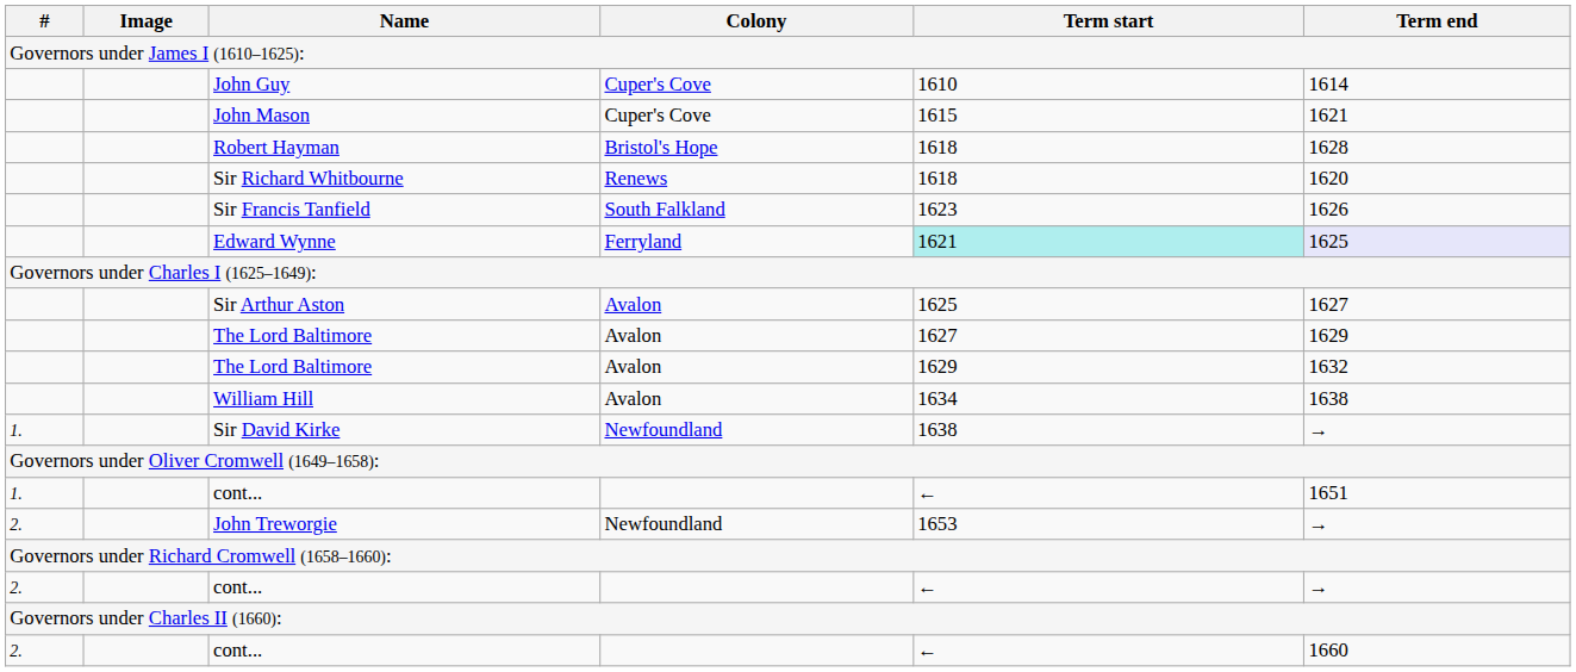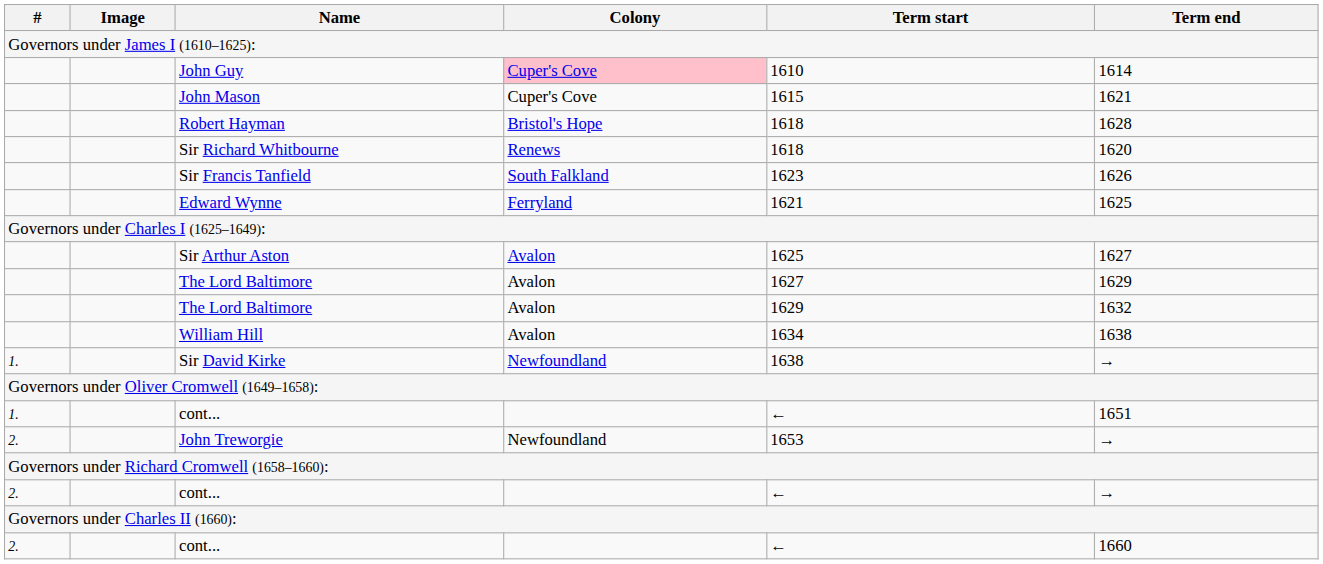 <table class="wikitable" style="width:100%">
 <tr>
 <th width="5%">#</th>
 <th width="8%">Image</th>
 <th width="25%">Name</th>
 <th width="20%">Colony</th>
 <th width="25%">Term start</th>
 <th width="25%">Term end</th>
 </tr>
 <tr bgcolor="#F5F5F5">
 <td colspan="6" align="left"><span>Governors under <a href='#'>James I</a> <small>(1610–1625)</small>:</span></td>
 </tr>
 <tr>
 <td></td>
 <td></td>
 <td><a href='#'>John Guy</a></td>
-<td><a href='#'>Cuper's Cove</a></td>
+<td style="background: pink;"><a href='#'>Cuper's Cove</a></td>
 <td>1610</td>
 <td>1614</td>
 </tr>
 <tr>
 <td></td>
 <td></td>
 <td><a href='#'>John Mason</a></td>
 <td>Cuper's Cove</td>
 <td>1615</td>
 <td>1621</td>
 </tr>
 <tr>
 <td></td>
 <td></td>
 <td><a href='#'>Robert Hayman</a></td>
 <td><a href='#'>Bristol's Hope</a></td>
 <td>1618</td>
 <td>1628</td>
 </tr>
 <tr>
 <td></td>
 <td></td>
 <td>Sir <a href='#'>Richard Whitbourne</a></td>
 <td><a href='#'>Renews</a></td>
 <td>1618</td>
 <td>1620</td>
 </tr>
 <tr>
 <td></td>
 <td></td>
 <td>Sir <a href='#'>Francis Tanfield</a></td>
 <td><a href='#'>South Falkland</a></td>
 <td>1623</td>
 <td>1626</td>
 </tr>
 <tr>
 <td></td>
 <td></td>
 <td><a href='#'>Edward Wynne</a></td>
 <td><a href='#'>Ferryland</a></td>
-<td style="background: paleturquoise;">1621</td>
-<td style="background: lavender;">1625</td>
+<td>1621</td>
+<td>1625</td>
 </tr>
 <tr bgcolor="#F5F5F5">
 <td colspan="9" align="left"><span>Governors under <a href='#'>Charles I</a> <small>(1625–1649)</small>:</span></td>
 </tr>
 <tr>
 <td></td>
 <td></td>
 <td>Sir <a href='#'>Arthur Aston</a></td>
 <td><a href='#'>Avalon</a></td>
 <td>1625</td>
 <td>1627</td>
 </tr>
 <tr>
 <td></td>
 <td></td>
 <td><a href='#'>The Lord Baltimore</a></td>
 <td>Avalon</td>
 <td>1627</td>
 <td>1629</td>
 </tr>
 <tr>
 <td></td>
 <td></td>
 <td><a href='#'>The Lord Baltimore</a></td>
 <td>Avalon</td>
 <td>1629</td>
 <td>1632</td>
 </tr>
 <tr>
 <td></td>
 <td></td>
 <td><a href='#'>William Hill</a></td>
 <td>Avalon</td>
 <td>1634</td>
 <td>1638</td>
 </tr>
 <tr>
 <td><small><em>1.</em></small></td>
 <td></td>
 <td>Sir <a href='#'>David Kirke</a></td>
 <td><a href='#'>Newfoundland</a></td>
 <td>1638</td>
 <td>→</td>
 </tr>
 <tr bgcolor="#F5F5F5">
 <td colspan="6" align="left"><span>Governors under <a href='#'>Oliver Cromwell</a> <small>(1649–1658)</small>:</span></td>
 </tr>
 <tr>
 <td><small><em>1.</em></small></td>
 <td></td>
 <td>cont...</td>
 <td></td>
 <td>←</td>
 <td>1651</td>
 </tr>
 <tr>
 <td><small><em>2.</em></small></td>
 <td></td>
 <td><a href='#'>John Treworgie</a></td>
 <td>Newfoundland</td>
 <td>1653</td>
 <td>→</td>
 </tr>
 <tr bgcolor="#F5F5F5">
 <td colspan="6" align="left"><span>Governors under <a href='#'>Richard Cromwell</a> <small>(1658–1660)</small>:</span></td>
 </tr>
 <tr>
 <td><small><em>2.</em></small></td>
 <td></td>
 <td>cont...</td>
 <td></td>
 <td>←</td>
 <td>→</td>
 </tr>
 <tr bgcolor="#F5F5F5">
 <td colspan="6" align="left"><span>Governors under <a href='#'>Charles II</a> <small>(1660)</small>:</span></td>
 </tr>
 <tr>
 <td><small><em>2.</em></small></td>
 <td></td>
 <td>cont...</td>
 <td></td>
 <td>←</td>
 <td>1660</td>
 </tr>
 </table>
